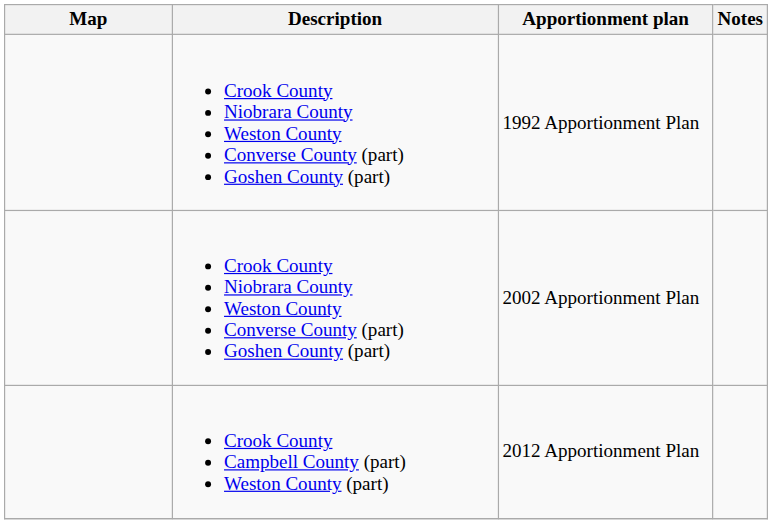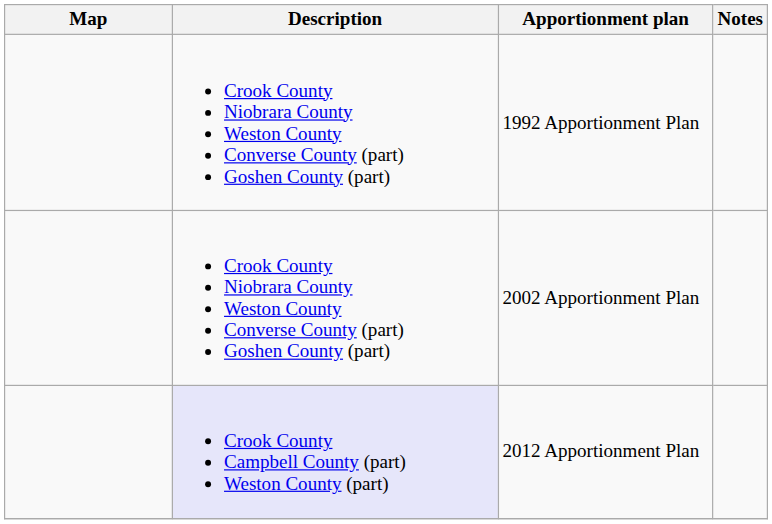 <table class="wikitable sortable">
 <tr>
 <th style="width:100pt;">Map</th>
 <th style="width:200pt;">Description</th>
 <th style="width:130pt;">Apportionment plan</th>
 <th style="width:15pt;">Notes</th>
 </tr>
 <tr>
 <td></td>
 <td><br><ul><li><a href='#'>Crook County</a></li><li><a href='#'>Niobrara County</a></li><li><a href='#'>Weston County</a></li><li><a href='#'>Converse County</a> (part)</li><li><a href='#'>Goshen County</a> (part)</li></ul></td>
 <td>1992 Apportionment Plan</td>
 <td></td>
 </tr>
 <tr>
 <td></td>
 <td><br><ul><li><a href='#'>Crook County</a></li><li><a href='#'>Niobrara County</a></li><li><a href='#'>Weston County</a></li><li><a href='#'>Converse County</a> (part)</li><li><a href='#'>Goshen County</a> (part)</li></ul></td>
 <td>2002 Apportionment Plan</td>
 <td></td>
 </tr>
 <tr>
 <td></td>
-<td><br><ul><li><a href='#'>Crook County</a></li><li><a href='#'>Campbell County</a> (part)</li><li><a href='#'>Weston County</a> (part)</li></ul></td>
+<td style="background: lavender;"><br><ul><li><a href='#'>Crook County</a></li><li><a href='#'>Campbell County</a> (part)</li><li><a href='#'>Weston County</a> (part)</li></ul></td>
 <td>2012 Apportionment Plan</td>
 <td></td>
 </tr>
 <tr>
 </tr>
 </table>
